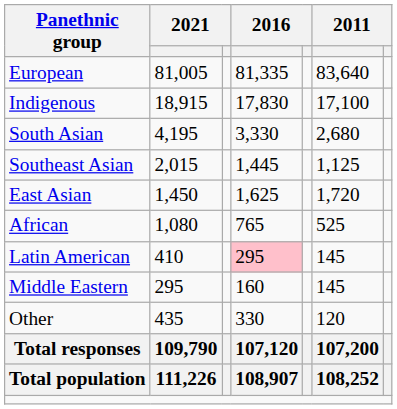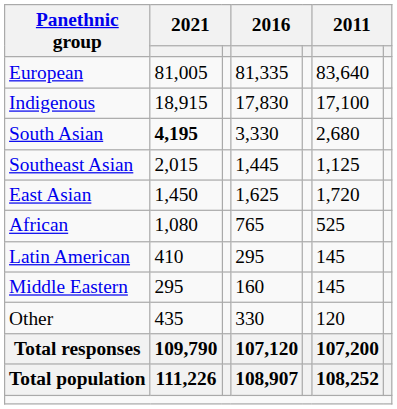 <table class="wikitable collapsible sortable">
 <tr>
 <th rowspan="2"><a href='#'>Panethnic</a><br>group</th>
 <th colspan="2">2021</th>
 <th colspan="2">2016</th>
 <th colspan="2">2011</th>
 </tr>
 <tr>
 <th><a href='#'></a></th>
 <th></th>
 <th></th>
 <th></th>
 <th></th>
 <th></th>
 </tr>
 <tr>
 <td><a href='#'>European</a></td>
 <td>81,005</td>
 <td></td>
 <td>81,335</td>
 <td></td>
 <td>83,640</td>
 <td></td>
 </tr>
 <tr>
 <td><a href='#'>Indigenous</a></td>
 <td>18,915</td>
 <td></td>
 <td>17,830</td>
 <td></td>
 <td>17,100</td>
 <td></td>
 </tr>
 <tr>
 <td><a href='#'>South Asian</a></td>
-<td>4,195</td>
+<td><strong>4,195</strong></td>
 <td></td>
 <td>3,330</td>
 <td></td>
 <td>2,680</td>
 <td></td>
 </tr>
 <tr>
 <td><a href='#'>Southeast Asian</a></td>
 <td>2,015</td>
 <td></td>
 <td>1,445</td>
 <td></td>
 <td>1,125</td>
 <td></td>
 </tr>
 <tr>
 <td><a href='#'>East Asian</a></td>
 <td>1,450</td>
 <td></td>
 <td>1,625</td>
 <td></td>
 <td>1,720</td>
 <td></td>
 </tr>
 <tr>
 <td><a href='#'>African</a></td>
 <td>1,080</td>
 <td></td>
 <td>765</td>
 <td></td>
 <td>525</td>
 <td></td>
 </tr>
 <tr>
 <td><a href='#'>Latin American</a></td>
 <td>410</td>
 <td></td>
-<td style="background: pink;">295</td>
+<td>295</td>
 <td></td>
 <td>145</td>
 <td></td>
 </tr>
 <tr>
 <td><a href='#'>Middle Eastern</a></td>
 <td>295</td>
 <td></td>
 <td>160</td>
 <td></td>
 <td>145</td>
 <td></td>
 </tr>
 <tr>
 <td>Other</td>
 <td>435</td>
 <td></td>
 <td>330</td>
 <td></td>
 <td>120</td>
 <td></td>
 </tr>
 <tr>
 <th>Total responses</th>
 <th>109,790</th>
 <th></th>
 <th>107,120</th>
 <th></th>
 <th>107,200</th>
 <th></th>
 </tr>
 <tr>
 <th>Total population</th>
 <th>111,226</th>
 <th></th>
 <th>108,907</th>
 <th></th>
 <th>108,252</th>
 <th></th>
 </tr>
 <tr class="sortbottom">
 <td colspan="15"></td>
 </tr>
 </table>
